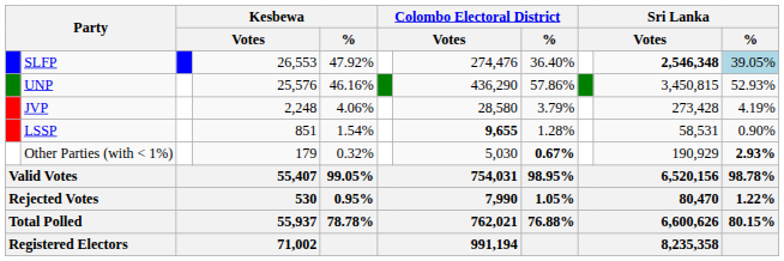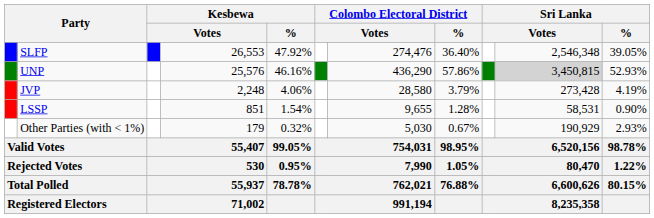 <table class="wikitable">
 <tr>
 <th colspan="2" width="144px"rowspan="2">Party</th>
 <th colspan="3" width="216px">Kesbewa</th>
 <th colspan="3" width="216px"><a href='#'>Colombo Electoral District</a></th>
 <th colspan="3" width="216px">Sri Lanka</th>
 </tr>
 <tr>
 <th colspan="2" width="144px">Votes</th>
 <th>%</th>
 <th colspan="2" width="144px">Votes</th>
 <th>%</th>
 <th colspan="2" width="144px">Votes</th>
 <th>%</th>
 </tr>
 <tr>
 <td style="background-color:blue;" width="10px"></td>
 <td style="text-align:left;"><a href='#'>SLFP</a></td>
 <td style="background-color:blue;" width="10px"></td>
 <td style="text-align:right;">26,553</td>
 <td style="text-align:right;">47.92%</td>
 <td style="background-color:white;" width="10px"></td>
 <td style="text-align:right;">274,476</td>
 <td style="text-align:right;">36.40%</td>
 <td style="background-color:white;" width="10px"></td>
-<td style="text-align:right;"><strong>2,546,348</strong></td>
-<td style="background: lightblue; text-align:right;">39.05%</td>
+<td style="text-align:right;">2,546,348</td>
+<td style="text-align:right;">39.05%</td>
 </tr>
 <tr>
 <td style="background-color:green;" width="10px"></td>
 <td style="text-align:left;"><a href='#'>UNP</a></td>
 <td style="background-color:white;" width="10px"></td>
 <td style="text-align:right;">25,576</td>
 <td style="text-align:right;">46.16%</td>
 <td style="background-color:green;" width="10px"></td>
 <td style="text-align:right;">436,290</td>
 <td style="text-align:right;">57.86%</td>
 <td style="background-color:green;" width="10px"></td>
-<td style="text-align:right;">3,450,815</td>
+<td style="background: lightgrey; text-align:right;">3,450,815</td>
 <td style="text-align:right;">52.93%</td>
 </tr>
 <tr>
 <td style="background-color:red;" width="10px"></td>
 <td style="text-align:left;"><a href='#'>JVP</a></td>
 <td style="background-color:white;" width="10px"></td>
 <td style="text-align:right;">2,248</td>
 <td style="text-align:right;">4.06%</td>
 <td style="background-color:white;" width="10px"></td>
 <td style="text-align:right;">28,580</td>
 <td style="text-align:right;">3.79%</td>
 <td style="background-color:white;" width="10px"></td>
 <td style="text-align:right;">273,428</td>
 <td style="text-align:right;">4.19%</td>
 </tr>
 <tr>
 <td style="background-color:red;" width="10px"></td>
 <td style="text-align:left;"><a href='#'>LSSP</a></td>
 <td style="background-color:white;" width="10px"></td>
 <td style="text-align:right;">851</td>
 <td style="text-align:right;">1.54%</td>
 <td style="background-color:white;" width="10px"></td>
-<td style="text-align:right;"><strong>9,655</strong></td>
+<td style="text-align:right;">9,655</td>
 <td style="text-align:right;">1.28%</td>
 <td style="background-color:white;" width="10px"></td>
 <td style="text-align:right;">58,531</td>
 <td style="text-align:right;">0.90%</td>
 </tr>
 <tr>
 <td style="background-color:white;" width="10px"></td>
 <td style="text-align:left;">Other Parties (with < 1%)</td>
 <td style="background-color:white;" width="10px"></td>
 <td style="text-align:right;">179</td>
 <td style="text-align:right;">0.32%</td>
 <td style="background-color:white;" width="10px"></td>
 <td style="text-align:right;">5,030</td>
-<td style="text-align:right;"><strong>0.67%</strong></td>
+<td style="text-align:right;">0.67%</td>
 <td style="background-color:white;" width="10px"></td>
 <td style="text-align:right;">190,929</td>
-<td style="text-align:right;"><strong>2.93%</strong></td>
+<td style="text-align:right;">2.93%</td>
 </tr>
 <tr>
 <th colspan="2" width="144px"style="text-align:left;">Valid Votes</th>
 <th style="text-align:right;"colspan="2" width="144px">55,407</th>
 <th style="text-align:right;">99.05%</th>
 <th style="text-align:right;"colspan="2" width="144px">754,031</th>
 <th style="text-align:right;">98.95%</th>
 <th style="text-align:right;"colspan="2" width="144px">6,520,156</th>
 <th style="text-align:right;">98.78%</th>
 </tr>
 <tr>
 <th colspan="2" width="144px"style="text-align:left;">Rejected Votes</th>
 <th style="text-align:right;"colspan="2" width="144px">530</th>
 <th style="text-align:right;">0.95%</th>
 <th style="text-align:right;"colspan="2" width="144px">7,990</th>
 <th style="text-align:right;">1.05%</th>
 <th style="text-align:right;"colspan="2" width="144px">80,470</th>
 <th style="text-align:right;">1.22%</th>
 </tr>
 <tr>
 <th colspan="2" width="144px"style="text-align:left;">Total Polled</th>
 <th style="text-align:right;"colspan="2" width="144px">55,937</th>
 <th style="text-align:right;">78.78%</th>
 <th style="text-align:right;"colspan="2" width="144px">762,021</th>
 <th style="text-align:right;">76.88%</th>
 <th style="text-align:right;"colspan="2" width="144px">6,600,626</th>
 <th style="text-align:right;">80.15%</th>
 </tr>
 <tr>
 <th colspan="2" width="144px"style="text-align:left;">Registered Electors</th>
 <th style="text-align:right;"colspan="2" width="144px">71,002</th>
 <th></th>
 <th style="text-align:right;"colspan="2" width="144px">991,194</th>
 <th></th>
 <th style="text-align:right;"colspan="2" width="144px">8,235,358</th>
 <th></th>
 </tr>
 </table>
